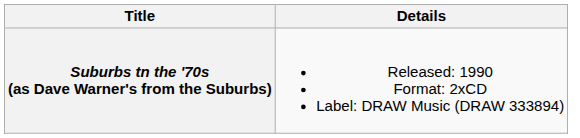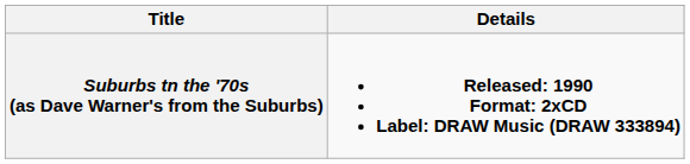 <table class="wikitable plainrowheaders" style="text-align:center">
 <tr>
 <th scope="col">Title</th>
 <th scope="col">Details</th>
 </tr>
 <tr>
 <th scope="row"><em>Suburbs tn the '70s</em> <br> (as Dave Warner's from the Suburbs)</th>
-<td><br><ul><li>Released: 1990</li><li>Format: 2xCD</li><li>Label: DRAW Music (DRAW 333894)</li></ul></td>
+<td><strong><br><ul><li>Released: 1990</li><li>Format: 2xCD</li><li>Label: DRAW Music (DRAW 333894)</li></ul></strong></td>
 </tr>
 </table>
